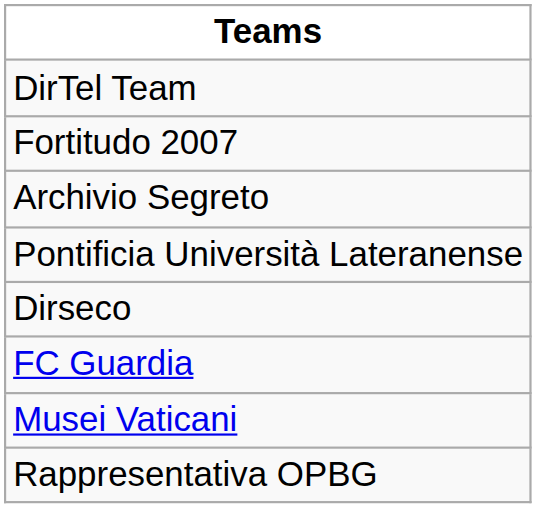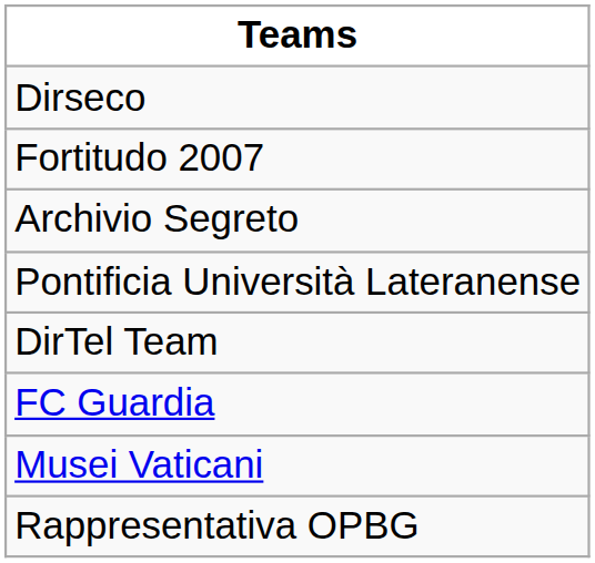 <table class="wikitable" style="text-align:left">
 <tr>
 <th style="background:white">Teams</th>
 </tr>
 <tr>
-<td>DirTel Team</td>
+<td>Dirseco</td>
 </tr>
 <tr>
 <td>Fortitudo 2007</td>
 </tr>
 <tr>
 <td>Archivio Segreto</td>
 </tr>
 <tr>
 <td>Pontificia Università Lateranense</td>
 </tr>
 <tr>
-<td>Dirseco</td>
+<td>DirTel Team</td>
 </tr>
 <tr>
 <td><a href='#'>FC Guardia</a></td>
 </tr>
 <tr>
 <td><a href='#'>Musei Vaticani</a></td>
 </tr>
 <tr>
 <td>Rappresentativa OPBG</td>
 </tr>
 </table>
